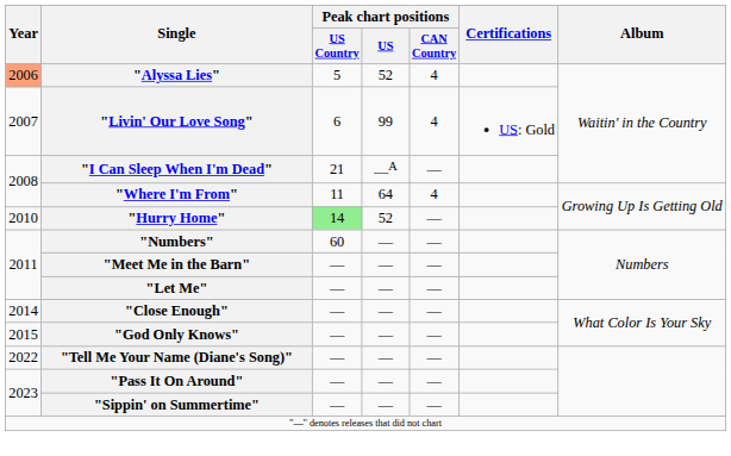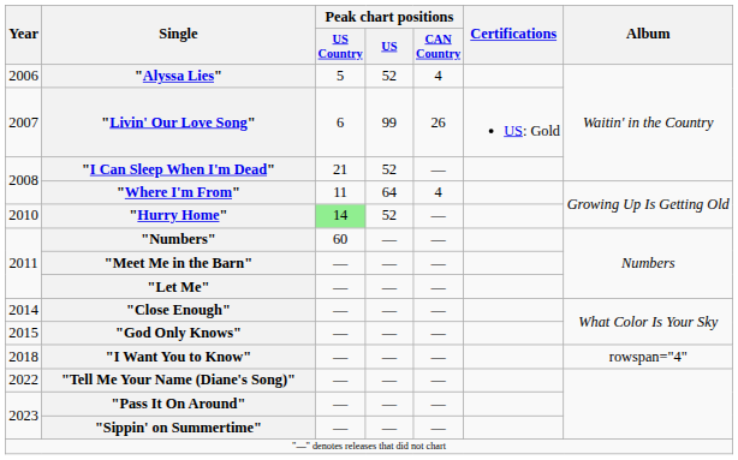 <table class="wikitable plainrowheaders" style="text-align:center;">
 <tr>
 <th rowspan="2">Year</th>
 <th rowspan="2" style="width:18em;">Single</th>
 <th colspan="3">Peak chart positions</th>
 <th rowspan="2"><a href='#'>Certifications</a></th>
 <th rowspan="2">Album</th>
 </tr>
 <tr style="font-size:smaller;">
 <th style="width:45px;"><a href='#'>US Country</a></th>
 <th style="width:45px;"><a href='#'>US</a></th>
 <th style="width:45px;"><a href='#'>CAN Country</a></th>
 </tr>
 <tr>
-<td style="background: lightsalmon;">2006</td>
+<td>2006</td>
 <th scope="row">"<a href='#'>Alyssa Lies</a>"</th>
 <td>5</td>
 <td>52</td>
 <td>4</td>
 <td></td>
 <td rowspan="3"><em>Waitin' in the Country</em></td>
 </tr>
 <tr>
 <td>2007</td>
 <th scope="row">"<a href='#'>Livin' Our Love Song</a>"</th>
 <td>6</td>
 <td>99</td>
-<td>4</td>
+<td>26</td>
 <td style="text-align:left;"><br><ul><li><a href='#'>US</a>: Gold</li></ul></td>
 </tr>
 <tr>
 <td rowspan="2">2008</td>
 <th scope="row">"<a href='#'>I Can Sleep When I'm Dead</a>"</th>
 <td>21</td>
-<td>—<sup>A</sup></td>
+<td>52</td>
 <td>—</td>
 <td></td>
 </tr>
 <tr>
 <th scope="row">"<a href='#'>Where I'm From</a>"</th>
 <td>11</td>
 <td>64</td>
 <td>4</td>
 <td></td>
 <td rowspan="2"><em>Growing Up Is Getting Old</em></td>
 </tr>
 <tr>
 <td>2010</td>
 <th scope="row">"<a href='#'>Hurry Home</a>"</th>
 <td style="background: lightgreen;">14</td>
 <td>52</td>
 <td>—</td>
 <td></td>
 </tr>
 <tr>
 <td rowspan="3">2011</td>
 <th scope="row">"Numbers"</th>
 <td>60</td>
 <td>—</td>
 <td>—</td>
 <td></td>
 <td rowspan="3"><em>Numbers</em></td>
 </tr>
 <tr>
 <th scope="row">"Meet Me in the Barn"</th>
 <td>—</td>
 <td>—</td>
 <td>—</td>
 <td></td>
 </tr>
 <tr>
 <th scope="row">"Let Me"</th>
 <td>—</td>
 <td>—</td>
 <td>—</td>
 <td></td>
 </tr>
 <tr>
 <td>2014</td>
 <th scope="row">"Close Enough"</th>
 <td>—</td>
 <td>—</td>
 <td>—</td>
 <td></td>
 <td rowspan="2"><em>What Color Is Your Sky</em></td>
 </tr>
 <tr>
 <td>2015</td>
 <th scope="row">"God Only Knows"</th>
 <td>—</td>
 <td>—</td>
 <td>—</td>
 <td></td>
 </tr>
 <tr>
+<td>2018</td>
+<th scope="row">"I Want You to Know"</th>
+<td>—</td>
+<td>—</td>
+<td>—</td>
+<td></td>
+<td>rowspan="4" </td>
+</tr>
+<tr>
 <td>2022</td>
 <th scope="row">"Tell Me Your Name (Diane's Song)"</th>
 <td>—</td>
 <td>—</td>
 <td>—</td>
 <td></td>
 </tr>
 <tr>
 <td rowspan="2">2023</td>
 <th scope="row">"Pass It On Around"</th>
 <td>—</td>
 <td>—</td>
 <td>—</td>
 <td></td>
 </tr>
 <tr>
 <th scope="row">"Sippin' on Summertime"</th>
 <td>—</td>
 <td>—</td>
 <td>—</td>
 <td></td>
 </tr>
 <tr>
 <td colspan="7" style="font-size:8pt">"—" denotes releases that did not chart</td>
 </tr>
 </table>
